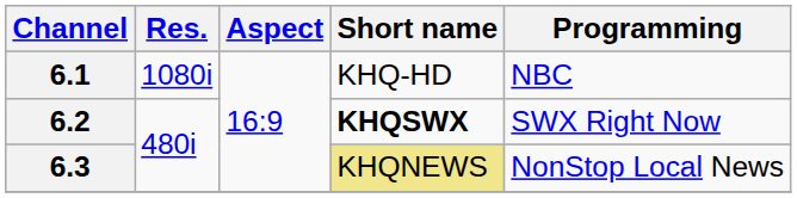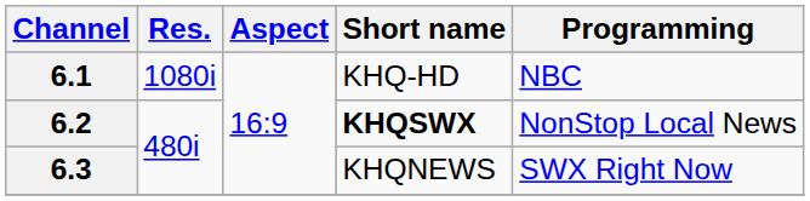 <table class="wikitable">
 <tr>
 <th scope = "col"><a href='#'>Channel</a></th>
 <th scope = "col"><a href='#'>Res.</a></th>
 <th scope = "col"><a href='#'>Aspect</a></th>
 <th scope = "col">Short name</th>
 <th scope = "col">Programming</th>
 </tr>
 <tr>
 <th scope = "row">6.1</th>
 <td><a href='#'>1080i</a></td>
 <td rowspan="3"><a href='#'>16:9</a></td>
 <td>KHQ-HD</td>
 <td><a href='#'>NBC</a></td>
 </tr>
 <tr>
 <th scope = "row">6.2</th>
 <td rowspan="2"><a href='#'>480i</a></td>
 <td><strong>KHQSWX</strong></td>
-<td><a href='#'>SWX Right Now</a></td>
+<td><a href='#'>NonStop Local</a> News</td>
 </tr>
 <tr>
 <th scope = "row">6.3</th>
-<td style="background: khaki;">KHQNEWS</td>
-<td><a href='#'>NonStop Local</a> News</td>
+<td>KHQNEWS</td>
+<td><a href='#'>SWX Right Now</a></td>
 </tr>
 <tr>
 </tr>
 </table>
